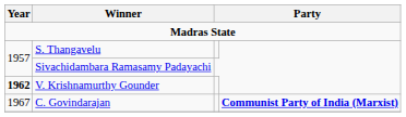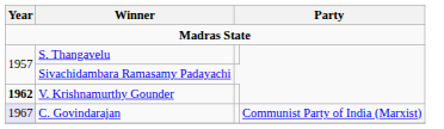 <table class="wikitable sortable">
 <tr>
 <th>Year</th>
 <th>Winner</th>
 <th colspan="2">Party</th>
 </tr>
 <tr>
 <td style="text-align: center;" colspan="4"><strong>Madras State</strong></td>
 </tr>
 <tr>
 <td rowspan=2>1957</td>
 <td><a href='#'>S. Thangavelu</a></td>
 <td></td>
 </tr>
 <tr>
 <td><a href='#'>Sivachidambara Ramasamy Padayachi</a></td>
 </tr>
 <tr>
 <td><strong>1962</strong></td>
 <td><a href='#'>V. Krishnamurthy Gounder</a></td>
 <td></td>
 </tr>
 <tr>
-<td>1967</td>
+<td style="background: lavender;">1967</td>
 <td><a href='#'>C. Govindarajan</a></td>
 <td></td>
-<td><strong><a href='#'>Communist Party of India (Marxist)</a></strong></td>
+<td><a href='#'>Communist Party of India (Marxist)</a></td>
 </tr>
 <tr>
 </tr>
 </table>
